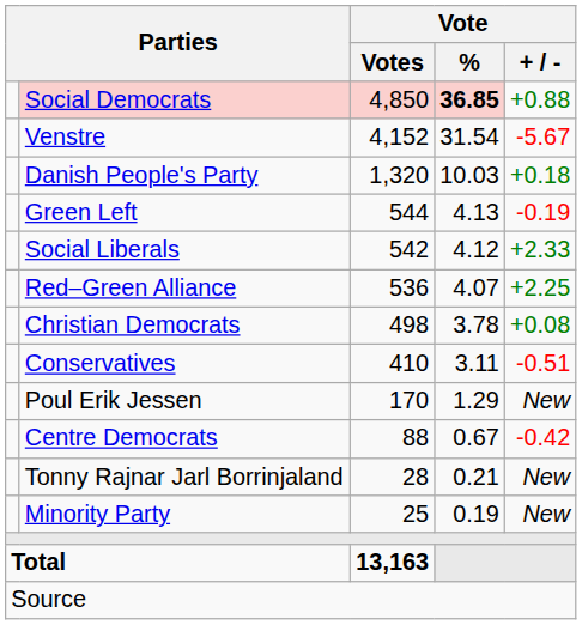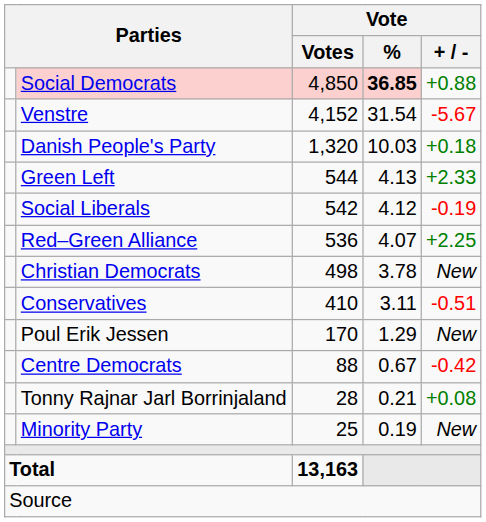 <table class="wikitable" style="text-align:right;">
 <tr>
 <th style="text-align:centre;" rowspan="2" colspan="2" width="225">Parties</th>
 <th colspan="3">Vote</th>
 </tr>
 <tr>
 <th width="15">Votes</th>
 <th width="15">%</th>
 <th width="15">+ / -</th>
 </tr>
 <tr>
 <td width="2" style="color:inherit;background:"></td>
 <td bgcolor=#fbd0ce  align="left"><a href='#'>Social Democrats</a></td>
 <td bgcolor=#fbd0ce>4,850</td>
 <td bgcolor=#fbd0ce><strong>36.85</strong></td>
 <td style=color:green;>+0.88</td>
 </tr>
 <tr>
 <td width="2" style="color:inherit;background:"></td>
 <td align="left"><a href='#'>Venstre</a></td>
 <td>4,152</td>
 <td>31.54</td>
 <td style=color:red;>-5.67</td>
 </tr>
 <tr>
 <td width="2" style="color:inherit;background:"></td>
 <td align="left"><a href='#'>Danish People's Party</a></td>
 <td>1,320</td>
 <td>10.03</td>
 <td style=color:green;>+0.18</td>
 </tr>
 <tr>
 <td width="2" style="color:inherit;background:"></td>
 <td align="left"><a href='#'>Green Left</a></td>
 <td>544</td>
 <td>4.13</td>
-<td style=color:red;>-0.19</td>
+<td style=color:green;>+2.33</td>
 </tr>
 <tr>
 <td width="2" style="color:inherit;background:"></td>
 <td align="left"><a href='#'>Social Liberals</a></td>
 <td>542</td>
 <td>4.12</td>
-<td style=color:green;>+2.33</td>
+<td style=color:red;>-0.19</td>
 </tr>
 <tr>
 <td width="2" style="color:inherit;background:"></td>
 <td align="left"><a href='#'>Red–Green Alliance</a></td>
 <td>536</td>
 <td>4.07</td>
 <td style=color:green;>+2.25</td>
 </tr>
 <tr>
 <td width="2" style="color:inherit;background:"></td>
 <td align="left"><a href='#'>Christian Democrats</a></td>
 <td>498</td>
 <td>3.78</td>
-<td style=color:green;>+0.08</td>
+<td><em>New</em></td>
 </tr>
 <tr>
 <td width="2" style="color:inherit;background:"></td>
 <td align="left"><a href='#'>Conservatives</a></td>
 <td>410</td>
 <td>3.11</td>
 <td style=color:red;>-0.51</td>
 </tr>
 <tr>
 <td width="2" style="color:inherit;background:"></td>
 <td align="left">Poul Erik Jessen</td>
 <td>170</td>
 <td>1.29</td>
 <td><em>New</em></td>
 </tr>
 <tr>
 <td width="2" style="color:inherit;background:"></td>
 <td align="left"><a href='#'>Centre Democrats</a></td>
 <td>88</td>
 <td>0.67</td>
 <td style=color:red;>-0.42</td>
 </tr>
 <tr>
 <td width="2" style="color:inherit;background:"></td>
 <td align="left">Tonny Rajnar Jarl Borrinjaland</td>
 <td>28</td>
 <td>0.21</td>
-<td><em>New</em></td>
+<td style=color:green;>+0.08</td>
 </tr>
 <tr>
 <td width="2" style="color:inherit;background:"></td>
 <td align="left"><a href='#'>Minority Party</a></td>
 <td>25</td>
 <td>0.19</td>
 <td><em>New</em></td>
 </tr>
 <tr>
 <td colspan="7" bgcolor="#E9E9E9"></td>
 </tr>
 <tr>
 <td align="left" colspan="2"><strong>Total</strong></td>
 <td><strong>13,163</strong></td>
 <td bgcolor="#E9E9E9" colspan="2"></td>
 </tr>
 <tr>
 <td align="left" colspan="6">Source</td>
 </tr>
 </table>
